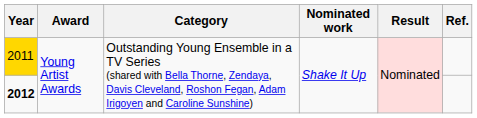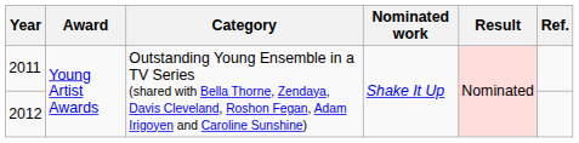 <table class="wikitable sortable">
 <tr>
 <th>Year</th>
 <th>Award</th>
 <th>Category</th>
 <th>Nominated work</th>
 <th>Result</th>
 <th>Ref.</th>
 </tr>
 <tr>
-<td style="background: gold;">2011</td>
+<td>2011</td>
 <td rowspan=2><a href='#'>Young Artist Awards</a></td>
 <td rowspan=2>Outstanding Young Ensemble in a TV Series<br><small>(shared with <a href='#'>Bella Thorne</a>, <a href='#'>Zendaya</a>, <a href='#'>Davis Cleveland</a>, <a href='#'>Roshon Fegan</a>, <a href='#'>Adam Irigoyen</a> and <a href='#'>Caroline Sunshine</a>)</small></td>
 <td rowspan=2><em><a href='#'>Shake It Up</a></em></td>
 <td rowspan=2; style="background: #FDD; color: black; vertical-align: middle; text-align: center; " class="no table-no2">Nominated</td>
 <td style="text-align:center;"></td>
 </tr>
 <tr>
-<td><strong>2012</strong></td>
+<td>2012</td>
 <td style="text-align:center;"></td>
 </tr>
 </table>
